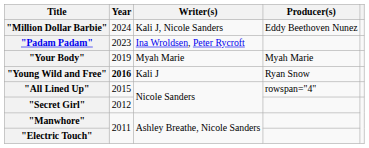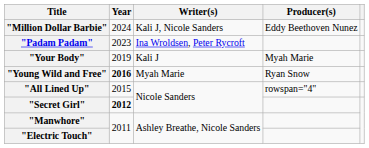 <table class="wikitable plainrowheaders" style="text-align:left;">
 <tr>
 <th scope="col" rowspan="1">Title</th>
 <th scope="col" rowspan="1">Year</th>
 <th scope="col" rowspan="1">Writer(s)</th>
 <th scope="col" rowspan="1">Producer(s)</th>
 <th style="text-align: center;" class="unsortable"></th>
 </tr>
 <tr>
 <th scope="row">"Million Dollar Barbie"</th>
 <td>2024</td>
 <td>Kali J, Nicole Sanders</td>
 <td>Eddy Beethoven Nunez</td>
 <td style="text-align: center;"></td>
 </tr>
 <tr>
 <th scope="row"><a href='#'>"Padam Padam"</a></th>
 <td>2023</td>
 <td><a href='#'>Ina Wroldsen</a>, <a href='#'>Peter Rycroft</a></td>
 <td></td>
 <td style="text-align: center;"></td>
 </tr>
 <tr>
 <th scope="row">"Your Body"</th>
 <td>2019</td>
-<td>Myah Marie</td>
+<td>Kali J</td>
 <td>Myah Marie</td>
 <td style="text-align: center;"></td>
 </tr>
 <tr>
 <th scope="row">"Young Wild and Free"</th>
 <td><strong>2016</strong></td>
-<td>Kali J</td>
+<td>Myah Marie</td>
 <td>Ryan Snow</td>
 <td style="text-align: center;"></td>
 </tr>
 <tr>
 <th scope="row">"All Lined Up"</th>
 <td>2015</td>
 <td rowspan="2">Nicole Sanders</td>
 <td>rowspan="4"</td>
 <td style="text-align: center;"></td>
 </tr>
 <tr>
 <th scope="row">"Secret Girl"</th>
-<td>2012</td>
+<td><strong>2012</strong></td>
 <td style="text-align: center;"></td>
 </tr>
 <tr>
 <th scope="row">"Manwhore"</th>
 <td rowspan="2">2011</td>
 <td rowspan="2">Ashley Breathe, Nicole Sanders</td>
 <td style="text-align: center;"></td>
 </tr>
 <tr>
 <th scope="row">"Electric Touch"</th>
 <td style="text-align: center;"></td>
 </tr>
 </table>
